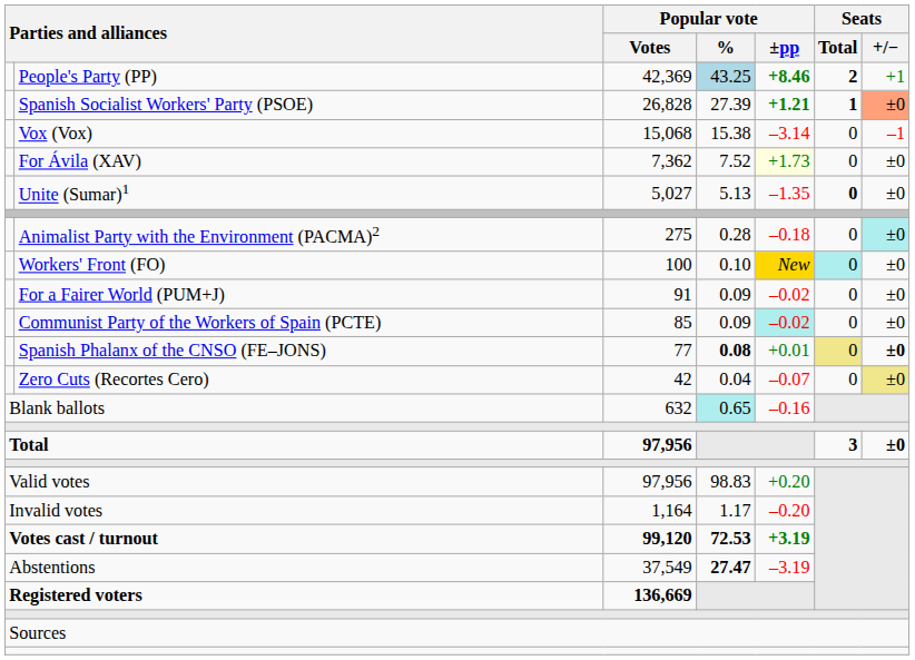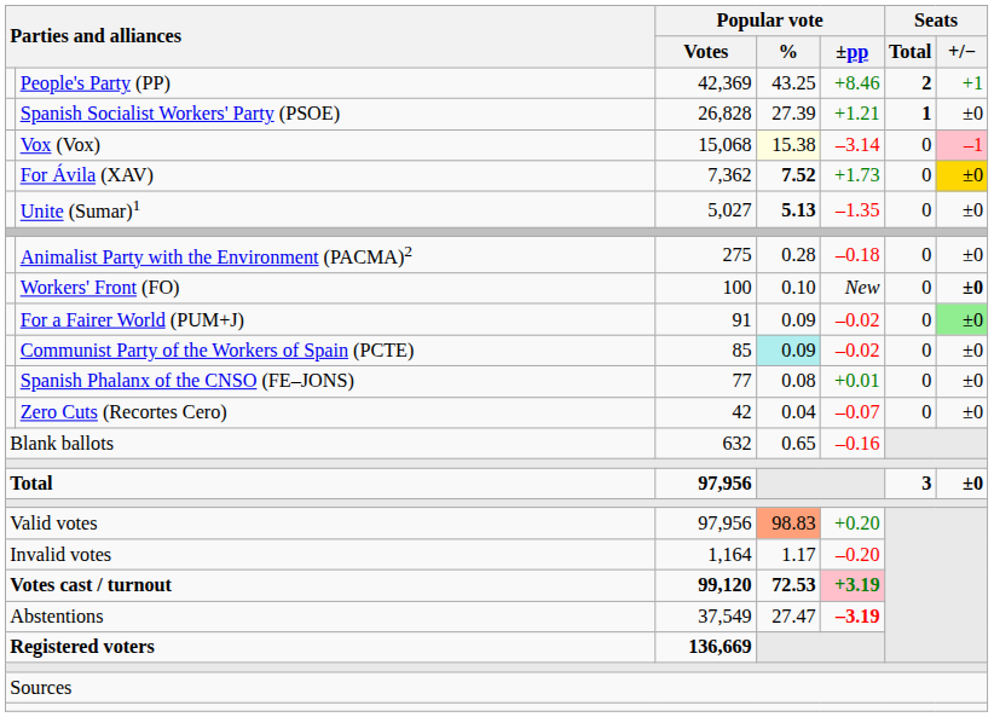 <table class="wikitable" style="text-align:right;">
 <tr>
 <th style="text-align:left;" rowspan="2" colspan="2" width="525">Parties and alliances</th>
 <th colspan="3">Popular vote</th>
 <th colspan="2">Seats</th>
 </tr>
 <tr>
 <th width="75">Votes</th>
 <th width="45">%</th>
 <th width="45">±<a href='#'>pp</a></th>
 <th width="35">Total</th>
 <th width="35">+/−</th>
 </tr>
 <tr>
 <td width="1" style="color:inherit;background:"></td>
 <td align="left"><a href='#'>People's Party</a> (PP)</td>
 <td>42,369</td>
-<td style="background: lightblue;">43.25</td>
-<td style="color:green;"><strong>+8.46</strong></td>
+<td>43.25</td>
+<td style="color:green;">+8.46</td>
 <td><strong>2</strong></td>
 <td style="color:green;">+1</td>
 </tr>
 <tr>
 <td style="color:inherit;background:"></td>
 <td align="left"><a href='#'>Spanish Socialist Workers' Party</a> (PSOE)</td>
 <td>26,828</td>
 <td>27.39</td>
-<td style="color:green;"><strong>+1.21</strong></td>
+<td style="color:green;">+1.21</td>
 <td><strong>1</strong></td>
-<td style="background: lightsalmon;">±0</td>
+<td>±0</td>
 </tr>
 <tr>
 <td style="color:inherit;background:"></td>
 <td align="left"><a href='#'>Vox</a> (Vox)</td>
 <td>15,068</td>
-<td>15.38</td>
+<td style="background: lightyellow;">15.38</td>
 <td style="color:red;">–3.14</td>
 <td>0</td>
-<td style="color:red;">–1</td>
+<td style="background: pink; color:red;">–1</td>
 </tr>
 <tr>
 <td style="color:inherit;background:"></td>
 <td align="left"><a href='#'>For Ávila</a> (XAV)</td>
 <td>7,362</td>
-<td>7.52</td>
-<td style="background: lightyellow; color:green;">+1.73</td>
+<td><strong>7.52</strong></td>
+<td style="color:green;">+1.73</td>
 <td>0</td>
-<td>±0</td>
+<td style="background: gold;">±0</td>
 </tr>
 <tr>
 <td style="color:inherit;background:"></td>
 <td align="left"><a href='#'>Unite</a> (Sumar)<sup>1</sup></td>
 <td>5,027</td>
-<td>5.13</td>
+<td><strong>5.13</strong></td>
 <td style="color:red;">–1.35</td>
-<td><strong>0</strong></td>
+<td>0</td>
 <td>±0</td>
 </tr>
 <tr>
 <td colspan="7" bgcolor="#C0C0C0"></td>
 </tr>
 <tr>
 <td style="color:inherit;background:"></td>
 <td align="left"><a href='#'>Animalist Party with the Environment</a> (PACMA)<sup>2</sup></td>
 <td>275</td>
 <td>0.28</td>
 <td style="color:red;">–0.18</td>
 <td>0</td>
-<td style="background: paleturquoise;">±0</td>
+<td>±0</td>
 </tr>
 <tr>
 <td style="color:inherit;background:"></td>
 <td align="left"><a href='#'>Workers' Front</a> (FO)</td>
 <td>100</td>
 <td>0.10</td>
-<td style="background: gold;"><em>New</em></td>
-<td style="background: paleturquoise;">0</td>
-<td>±0</td>
+<td><em>New</em></td>
+<td>0</td>
+<td><strong>±0</strong></td>
 </tr>
 <tr>
 <td style="color:inherit;background:"></td>
 <td align="left"><a href='#'>For a Fairer World</a> (PUM+J)</td>
 <td>91</td>
 <td>0.09</td>
 <td style="color:red;">–0.02</td>
 <td>0</td>
-<td>±0</td>
+<td style="background: lightgreen;">±0</td>
 </tr>
 <tr>
 <td style="color:inherit;background:"></td>
 <td align="left"><a href='#'>Communist Party of the Workers of Spain</a> (PCTE)</td>
 <td>85</td>
-<td>0.09</td>
-<td style="background: paleturquoise; color:red;">–0.02</td>
+<td style="background: paleturquoise;">0.09</td>
+<td style="color:red;">–0.02</td>
 <td>0</td>
 <td>±0</td>
 </tr>
 <tr>
 <td style="color:inherit;background:"></td>
 <td align="left"><a href='#'>Spanish Phalanx of the CNSO</a> (FE–JONS)</td>
 <td>77</td>
-<td><strong>0.08</strong></td>
+<td>0.08</td>
 <td style="color:green;">+0.01</td>
-<td style="background: khaki;">0</td>
-<td><strong>±0</strong></td>
+<td>0</td>
+<td>±0</td>
 </tr>
 <tr>
 <td style="color:inherit;background:"></td>
 <td align="left"><a href='#'>Zero Cuts</a> (Recortes Cero)</td>
 <td>42</td>
 <td>0.04</td>
 <td style="color:red;">–0.07</td>
 <td>0</td>
-<td style="background: khaki;">±0</td>
+<td>±0</td>
 </tr>
 <tr>
 <td align="left" colspan="2">Blank ballots</td>
 <td>632</td>
-<td style="background: paleturquoise;">0.65</td>
+<td>0.65</td>
 <td style="color:red;">–0.16</td>
 <td bgcolor="#E9E9E9" colspan="2"></td>
 </tr>
 <tr>
 <td colspan="7" bgcolor="#E9E9E9"></td>
 </tr>
 <tr style="font-weight:bold;">
 <td align="left" colspan="2">Total</td>
 <td>97,956</td>
 <td bgcolor="#E9E9E9" colspan="2"></td>
 <td>3</td>
 <td>±0</td>
 </tr>
 <tr>
 <td colspan="7" bgcolor="#E9E9E9"></td>
 </tr>
 <tr>
 <td align="left" colspan="2">Valid votes</td>
 <td>97,956</td>
-<td>98.83</td>
+<td style="background: lightsalmon;">98.83</td>
 <td style="color:green;">+0.20</td>
 <td bgcolor="#E9E9E9" colspan="2" rowspan="5"></td>
 </tr>
 <tr>
 <td align="left" colspan="2">Invalid votes</td>
 <td>1,164</td>
 <td>1.17</td>
 <td style="color:red;">–0.20</td>
 </tr>
 <tr style="font-weight:bold;">
 <td align="left" colspan="2">Votes cast / turnout</td>
 <td>99,120</td>
 <td>72.53</td>
-<td style="color:green;">+3.19</td>
+<td style="background: pink; color:green;">+3.19</td>
 </tr>
 <tr>
 <td align="left" colspan="2">Abstentions</td>
 <td>37,549</td>
-<td><strong>27.47</strong></td>
-<td style="color:red;">–3.19</td>
+<td>27.47</td>
+<td style="color:red;"><strong>–3.19</strong></td>
 </tr>
 <tr style="font-weight:bold;">
 <td align="left" colspan="2">Registered voters</td>
 <td>136,669</td>
 <td bgcolor="#E9E9E9" colspan="2"></td>
 </tr>
 <tr>
 <td colspan="7" bgcolor="#E9E9E9"></td>
 </tr>
 <tr>
 <td align="left" colspan="7">Sources</td>
 </tr>
 <tr>
 <td colspan="7" style="text-align:left; max-width:790px;"></td>
 </tr>
 </table>
